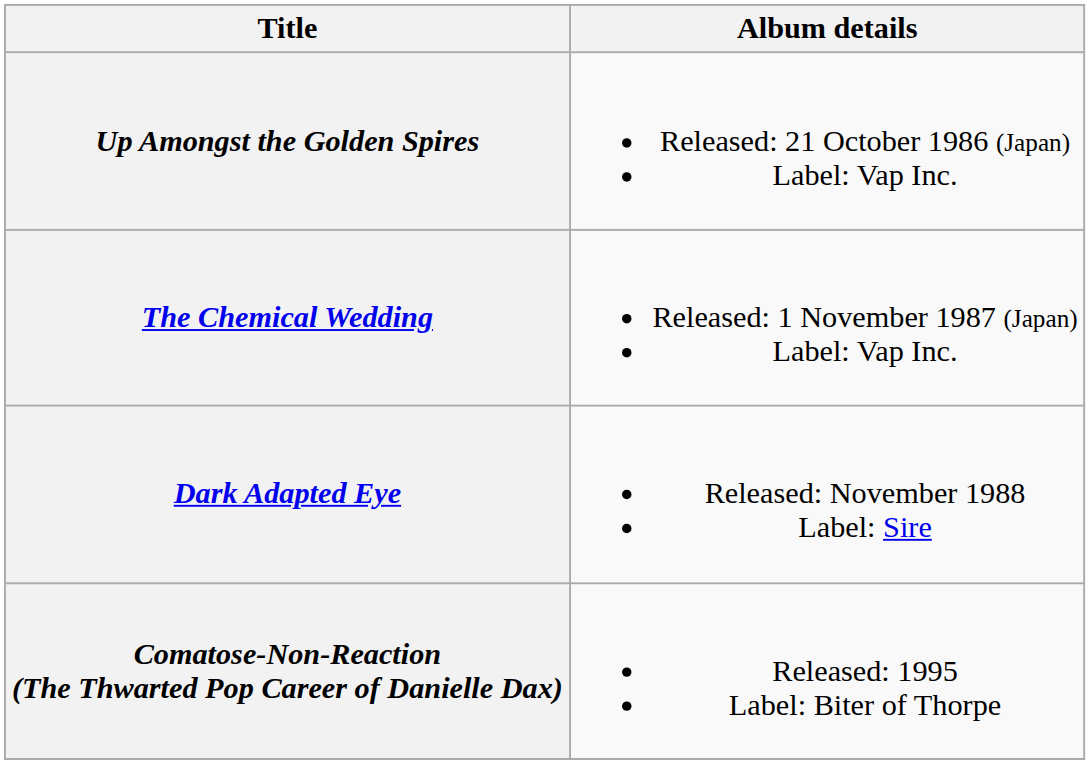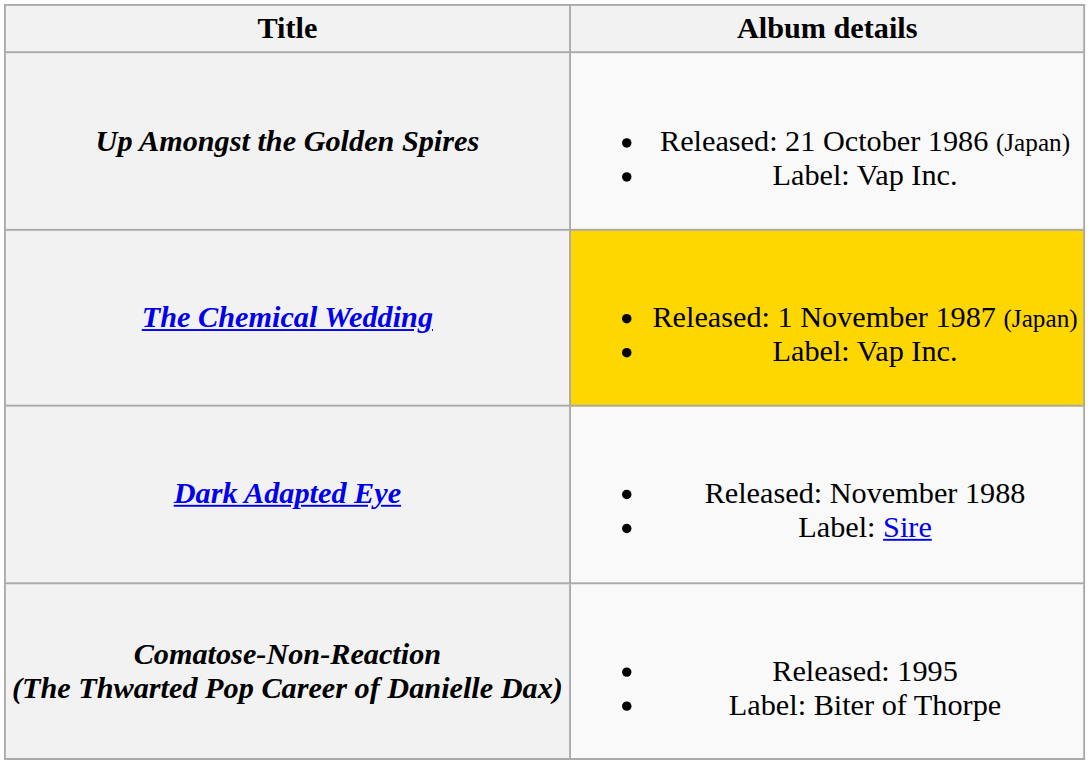 <table class="wikitable plainrowheaders" style="text-align:center;">
 <tr>
 <th scope="col" rowspan="1">Title</th>
 <th scope="col" rowspan="1">Album details</th>
 </tr>
 <tr>
 <th scope="row"><em>Up Amongst the Golden Spires</em></th>
 <td><br><ul><li>Released: 21 October 1986 <small>(Japan)</small></li><li>Label: Vap Inc.</li></ul></td>
 </tr>
 <tr>
 <th scope="row"><em><a href='#'>The Chemical Wedding</a></em></th>
-<td><br><ul><li>Released: 1 November 1987 <small>(Japan)</small></li><li>Label: Vap Inc.</li></ul></td>
+<td style="background: gold;"><br><ul><li>Released: 1 November 1987 <small>(Japan)</small></li><li>Label: Vap Inc.</li></ul></td>
 </tr>
 <tr>
 <th scope="row"><em><a href='#'>Dark Adapted Eye</a></em></th>
 <td><br><ul><li>Released: November 1988</li><li>Label: <a href='#'>Sire</a></li></ul></td>
 </tr>
 <tr>
 <th scope="row"><em>Comatose-Non-Reaction<br> (The Thwarted Pop Career of Danielle Dax)</em></th>
 <td><br><ul><li>Released: 1995</li><li>Label: Biter of Thorpe</li></ul></td>
 </tr>
 <tr>
 </tr>
 </table>
